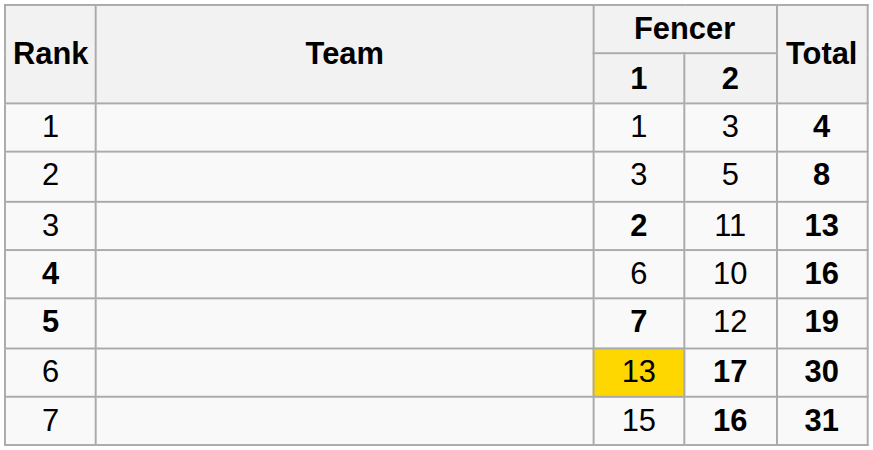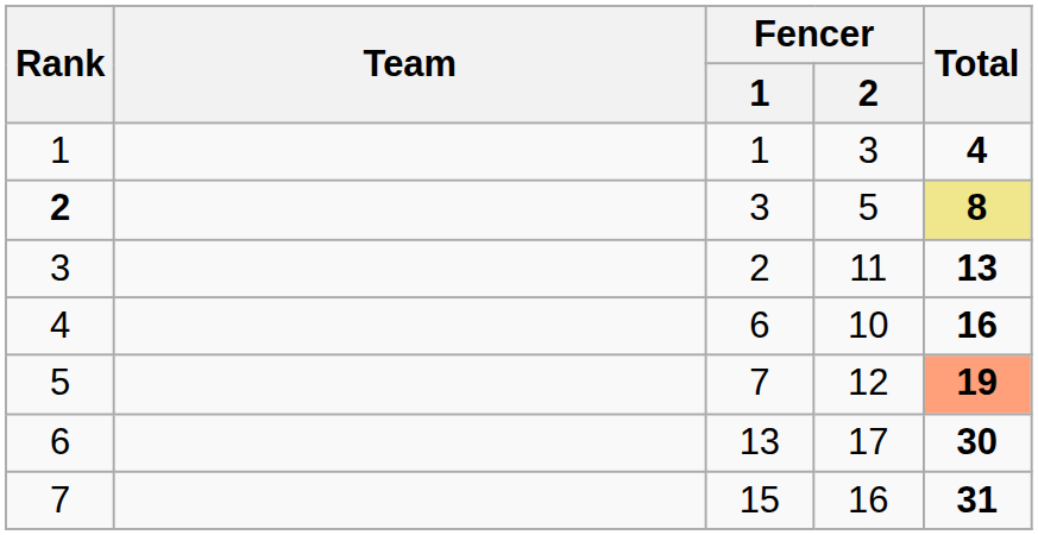 <table class=wikitable style="text-align:center">
 <tr>
 <th rowspan=2 width=40>Rank</th>
 <th rowspan=2 width=250>Team</th>
 <th colspan=2>Fencer</th>
 <th rowspan=2 width=40>Total</th>
 </tr>
 <tr>
 <th width=40>1</th>
 <th width=40>2</th>
 </tr>
 <tr>
 <td>1</td>
 <td align=left></td>
 <td>1</td>
 <td>3</td>
 <td><strong>4</strong></td>
 </tr>
 <tr>
-<td>2</td>
+<td><strong>2</strong></td>
 <td align=left></td>
 <td>3</td>
 <td>5</td>
-<td><strong>8</strong></td>
+<td style="background: khaki;"><strong>8</strong></td>
 </tr>
 <tr>
 <td>3</td>
 <td align=left></td>
-<td><strong>2</strong></td>
+<td>2</td>
 <td>11</td>
 <td><strong>13</strong></td>
 </tr>
 <tr>
-<td><strong>4</strong></td>
+<td>4</td>
 <td align=left></td>
 <td>6</td>
 <td>10</td>
 <td><strong>16</strong></td>
 </tr>
 <tr>
-<td><strong>5</strong></td>
+<td>5</td>
 <td align=left></td>
-<td><strong>7</strong></td>
+<td>7</td>
 <td>12</td>
-<td><strong>19</strong></td>
+<td style="background: lightsalmon;"><strong>19</strong></td>
 </tr>
 <tr>
 <td>6</td>
 <td align=left></td>
-<td style="background: gold;">13</td>
-<td><strong>17</strong></td>
+<td>13</td>
+<td>17</td>
 <td><strong>30</strong></td>
 </tr>
 <tr>
 <td>7</td>
 <td align=left></td>
 <td>15</td>
-<td><strong>16</strong></td>
+<td>16</td>
 <td><strong>31</strong></td>
 </tr>
 </table>
